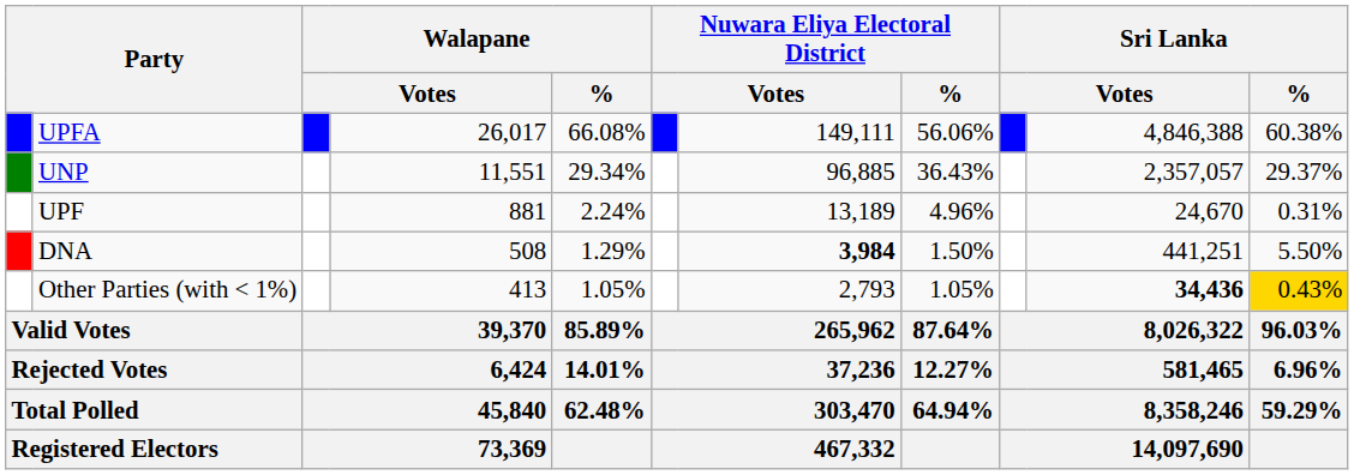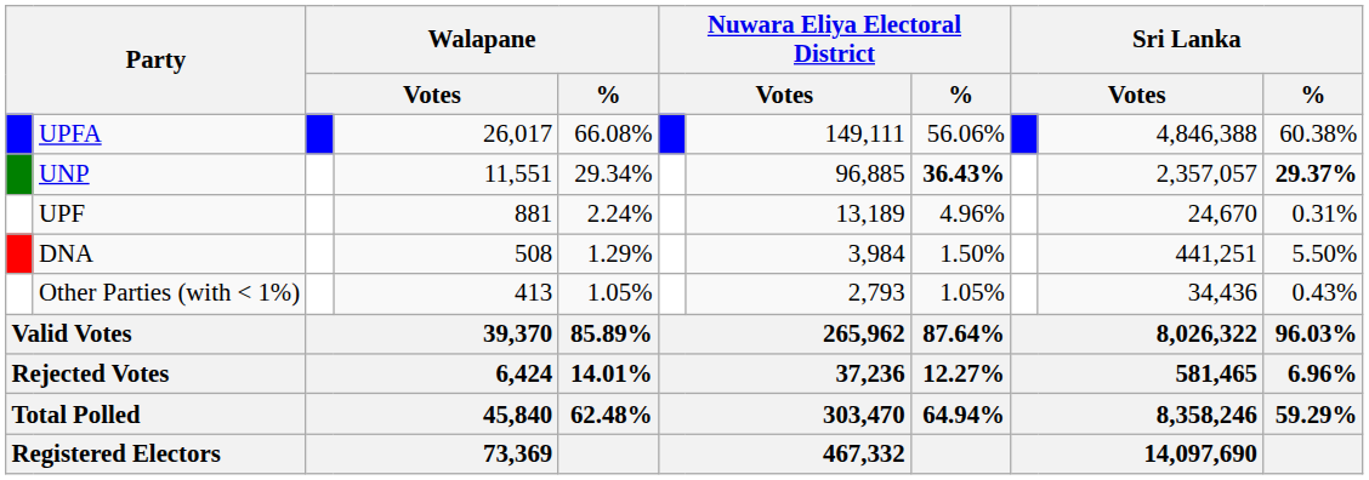 <table class="wikitable">
 <tr>
 <th colspan="2" width="144px"rowspan="2">Party</th>
 <th colspan="3" width="216px">Walapane</th>
 <th colspan="3" width="216px"><a href='#'>Nuwara Eliya Electoral District</a></th>
 <th colspan="3" width="216px">Sri Lanka</th>
 </tr>
 <tr>
 <th colspan="2" width="144px">Votes</th>
 <th>%</th>
 <th colspan="2" width="144px">Votes</th>
 <th>%</th>
 <th colspan="2" width="144px">Votes</th>
 <th>%</th>
 </tr>
 <tr>
 <td style="background-color:blue;" width="10px"></td>
 <td style="text-align:left;"><a href='#'>UPFA</a></td>
 <td style="background-color:blue;" width="10px"></td>
 <td style="text-align:right;">26,017</td>
 <td style="text-align:right;">66.08%</td>
 <td style="background-color:blue;" width="10px"></td>
 <td style="text-align:right;">149,111</td>
 <td style="text-align:right;">56.06%</td>
 <td style="background-color:blue;" width="10px"></td>
 <td style="text-align:right;">4,846,388</td>
 <td style="text-align:right;">60.38%</td>
 </tr>
 <tr>
 <td style="background-color:green;" width="10px"></td>
 <td style="text-align:left;"><a href='#'>UNP</a></td>
 <td style="background-color:white;" width="10px"></td>
 <td style="text-align:right;">11,551</td>
 <td style="text-align:right;">29.34%</td>
 <td style="background-color:white;" width="10px"></td>
 <td style="text-align:right;">96,885</td>
-<td style="text-align:right;">36.43%</td>
+<td style="text-align:right;"><strong>36.43%</strong></td>
 <td style="background-color:white;" width="10px"></td>
 <td style="text-align:right;">2,357,057</td>
-<td style="text-align:right;">29.37%</td>
+<td style="text-align:right;"><strong>29.37%</strong></td>
 </tr>
 <tr>
 <td style="background-color:white;" width="10px"></td>
 <td style="text-align:left;">UPF</td>
 <td style="background-color:white;" width="10px"></td>
 <td style="text-align:right;">881</td>
 <td style="text-align:right;">2.24%</td>
 <td style="background-color:white;" width="10px"></td>
 <td style="text-align:right;">13,189</td>
 <td style="text-align:right;">4.96%</td>
 <td style="background-color:white;" width="10px"></td>
 <td style="text-align:right;">24,670</td>
 <td style="text-align:right;">0.31%</td>
 </tr>
 <tr>
 <td style="background-color:red;" width="10px"></td>
 <td style="text-align:left;">DNA</td>
 <td style="background-color:white;" width="10px"></td>
 <td style="text-align:right;">508</td>
 <td style="text-align:right;">1.29%</td>
 <td style="background-color:white;" width="10px"></td>
-<td style="text-align:right;"><strong>3,984</strong></td>
+<td style="text-align:right;">3,984</td>
 <td style="text-align:right;">1.50%</td>
 <td style="background-color:white;" width="10px"></td>
 <td style="text-align:right;">441,251</td>
 <td style="text-align:right;">5.50%</td>
 </tr>
 <tr>
 <td style="background-color:white;" width="10px"></td>
 <td style="text-align:left;">Other Parties (with < 1%)</td>
 <td style="background-color:white;" width="10px"></td>
 <td style="text-align:right;">413</td>
 <td style="text-align:right;">1.05%</td>
 <td style="background-color:white;" width="10px"></td>
 <td style="text-align:right;">2,793</td>
 <td style="text-align:right;">1.05%</td>
 <td style="background-color:white;" width="10px"></td>
-<td style="text-align:right;"><strong>34,436</strong></td>
-<td style="background: gold; text-align:right;">0.43%</td>
+<td style="text-align:right;">34,436</td>
+<td style="text-align:right;">0.43%</td>
 </tr>
 <tr>
 <th colspan="2" width="144px"style="text-align:left;">Valid Votes</th>
 <th style="text-align:right;"colspan="2" width="144px">39,370</th>
 <th style="text-align:right;">85.89%</th>
 <th style="text-align:right;"colspan="2" width="144px">265,962</th>
 <th style="text-align:right;">87.64%</th>
 <th style="text-align:right;"colspan="2" width="144px">8,026,322</th>
 <th style="text-align:right;">96.03%</th>
 </tr>
 <tr>
 <th colspan="2" width="144px"style="text-align:left;">Rejected Votes</th>
 <th style="text-align:right;"colspan="2" width="144px">6,424</th>
 <th style="text-align:right;">14.01%</th>
 <th style="text-align:right;"colspan="2" width="144px">37,236</th>
 <th style="text-align:right;">12.27%</th>
 <th style="text-align:right;"colspan="2" width="144px">581,465</th>
 <th style="text-align:right;">6.96%</th>
 </tr>
 <tr>
 <th colspan="2" width="144px"style="text-align:left;">Total Polled</th>
 <th style="text-align:right;"colspan="2" width="144px">45,840</th>
 <th style="text-align:right;">62.48%</th>
 <th style="text-align:right;"colspan="2" width="144px">303,470</th>
 <th style="text-align:right;">64.94%</th>
 <th style="text-align:right;"colspan="2" width="144px">8,358,246</th>
 <th style="text-align:right;">59.29%</th>
 </tr>
 <tr>
 <th colspan="2" width="144px"style="text-align:left;">Registered Electors</th>
 <th style="text-align:right;"colspan="2" width="144px">73,369</th>
 <th></th>
 <th style="text-align:right;"colspan="2" width="144px">467,332</th>
 <th></th>
 <th style="text-align:right;"colspan="2" width="144px">14,097,690</th>
 <th></th>
 </tr>
 </table>
